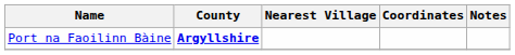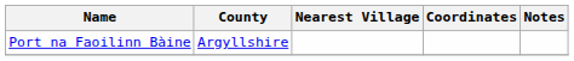 <table class="wikitable sortable" style="table-layout:fixed;background-color:#FEFEFE;font-size:95%;padding:0.30em;line-height:1.35em;">
 <tr>
 <th scope="col">Name</th>
 <th scope="col">County</th>
 <th scope="col">Nearest Village</th>
 <th scope="col" data-sort-type="number">Coordinates</th>
 <th scope="col">Notes</th>
 </tr>
 <tr>
 <td><a href='#'>Port na Faoilinn Bàine</a></td>
-<td><strong><a href='#'>Argyllshire</a></strong></td>
+<td><a href='#'>Argyllshire</a></td>
 <td></td>
 <td></td>
 <td></td>
 </tr>
 <tr>
 </tr>
 </table>
